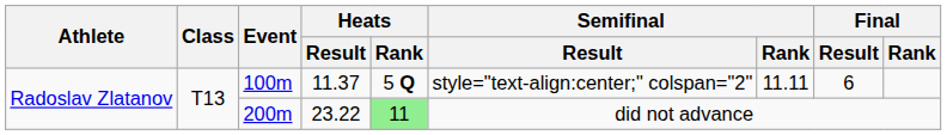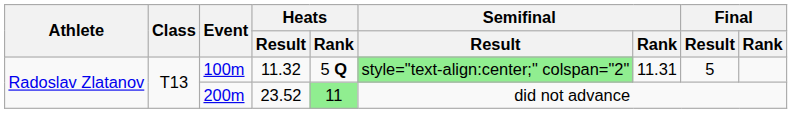 <table class=wikitable style="font-size:90%">
 <tr>
 <th rowspan="2">Athlete</th>
 <th rowspan="2">Class</th>
 <th rowspan="2">Event</th>
 <th colspan="2">Heats</th>
 <th colspan="2">Semifinal</th>
 <th colspan="3">Final</th>
 </tr>
 <tr>
 <th>Result</th>
 <th>Rank</th>
 <th>Result</th>
 <th>Rank</th>
 <th>Result</th>
 <th>Rank</th>
 </tr>
 <tr>
 <td rowspan="2"><a href='#'>Radoslav Zlatanov</a></td>
 <td rowspan="2" style="text-align:center;">T13</td>
 <td><a href='#'>100m</a></td>
-<td style="text-align:center;">11.37</td>
+<td style="text-align:center;">11.32</td>
 <td style="text-align:center;">5 <strong>Q</strong></td>
-<td>style="text-align:center;" colspan="2" </td>
-<td style="text-align:center;">11.11</td>
-<td style="text-align:center;">6</td>
+<td style="background: lightgreen;">style="text-align:center;" colspan="2" </td>
+<td style="text-align:center;">11.31</td>
+<td style="text-align:center;">5</td>
 </tr>
 <tr>
 <td><a href='#'>200m</a></td>
-<td style="text-align:center;">23.22</td>
+<td style="text-align:center;">23.52</td>
 <td style="background: lightgreen; text-align:center;">11</td>
 <td style="text-align:center;" colspan="4">did not advance</td>
 </tr>
 </table>
